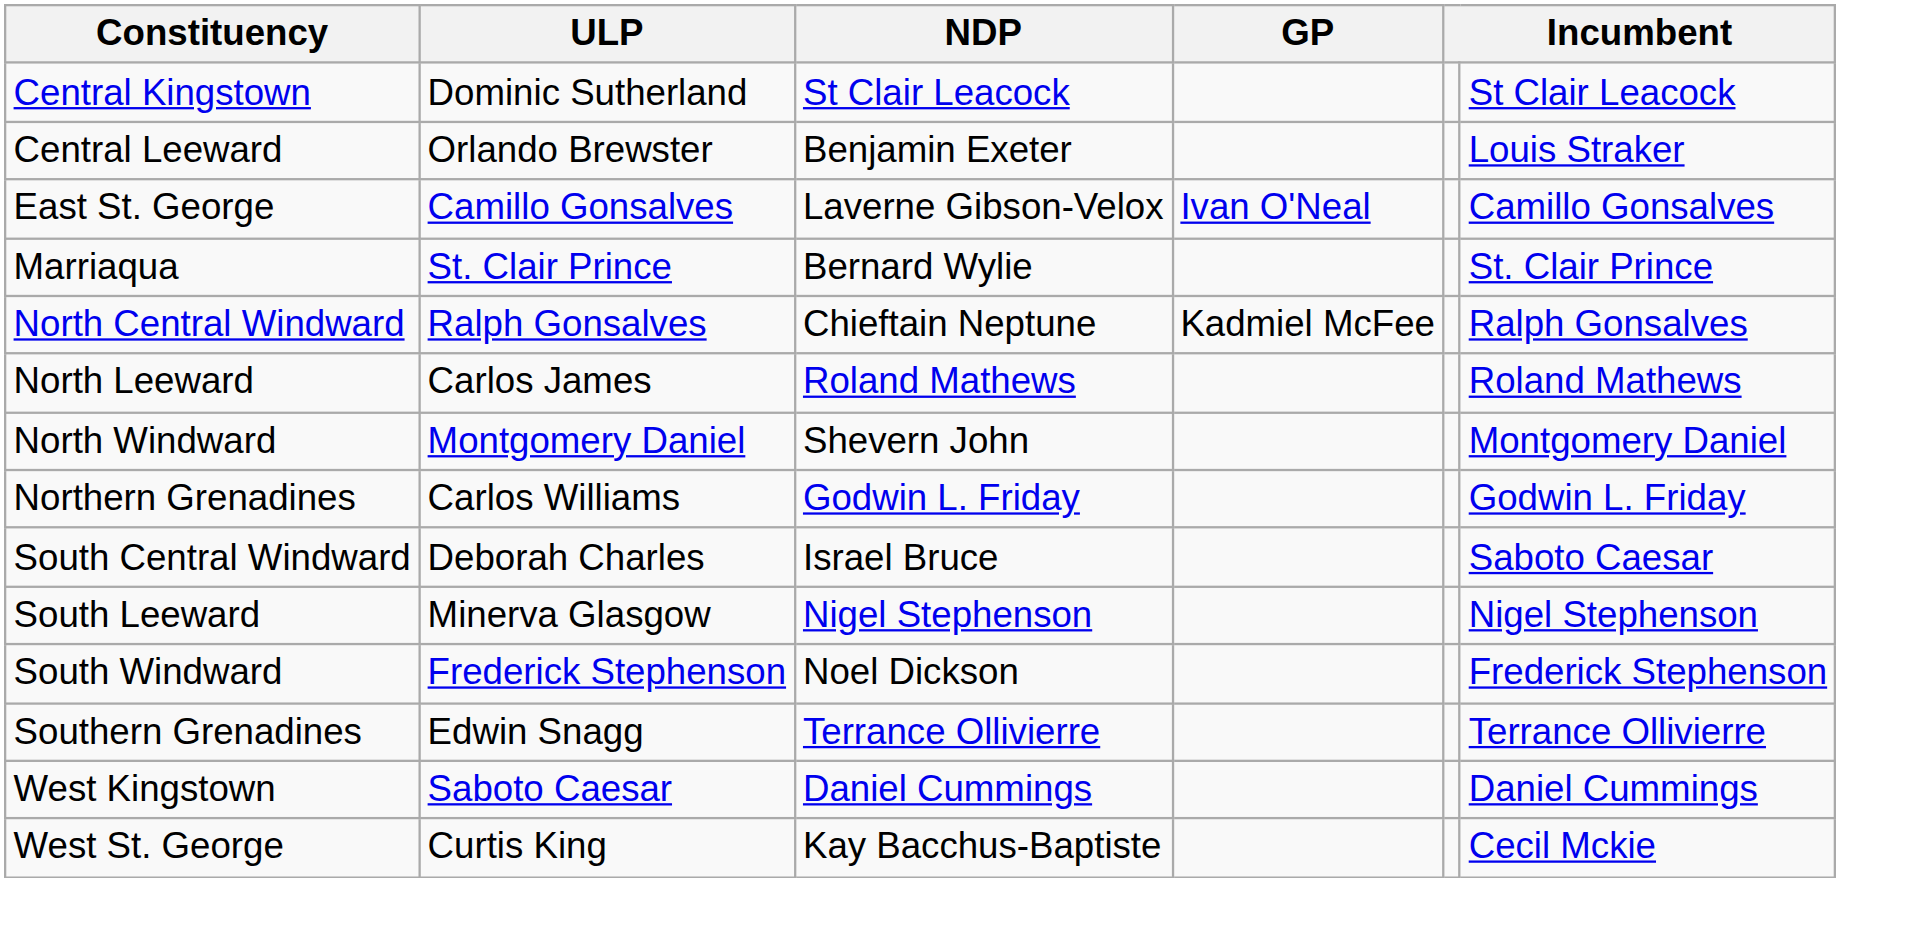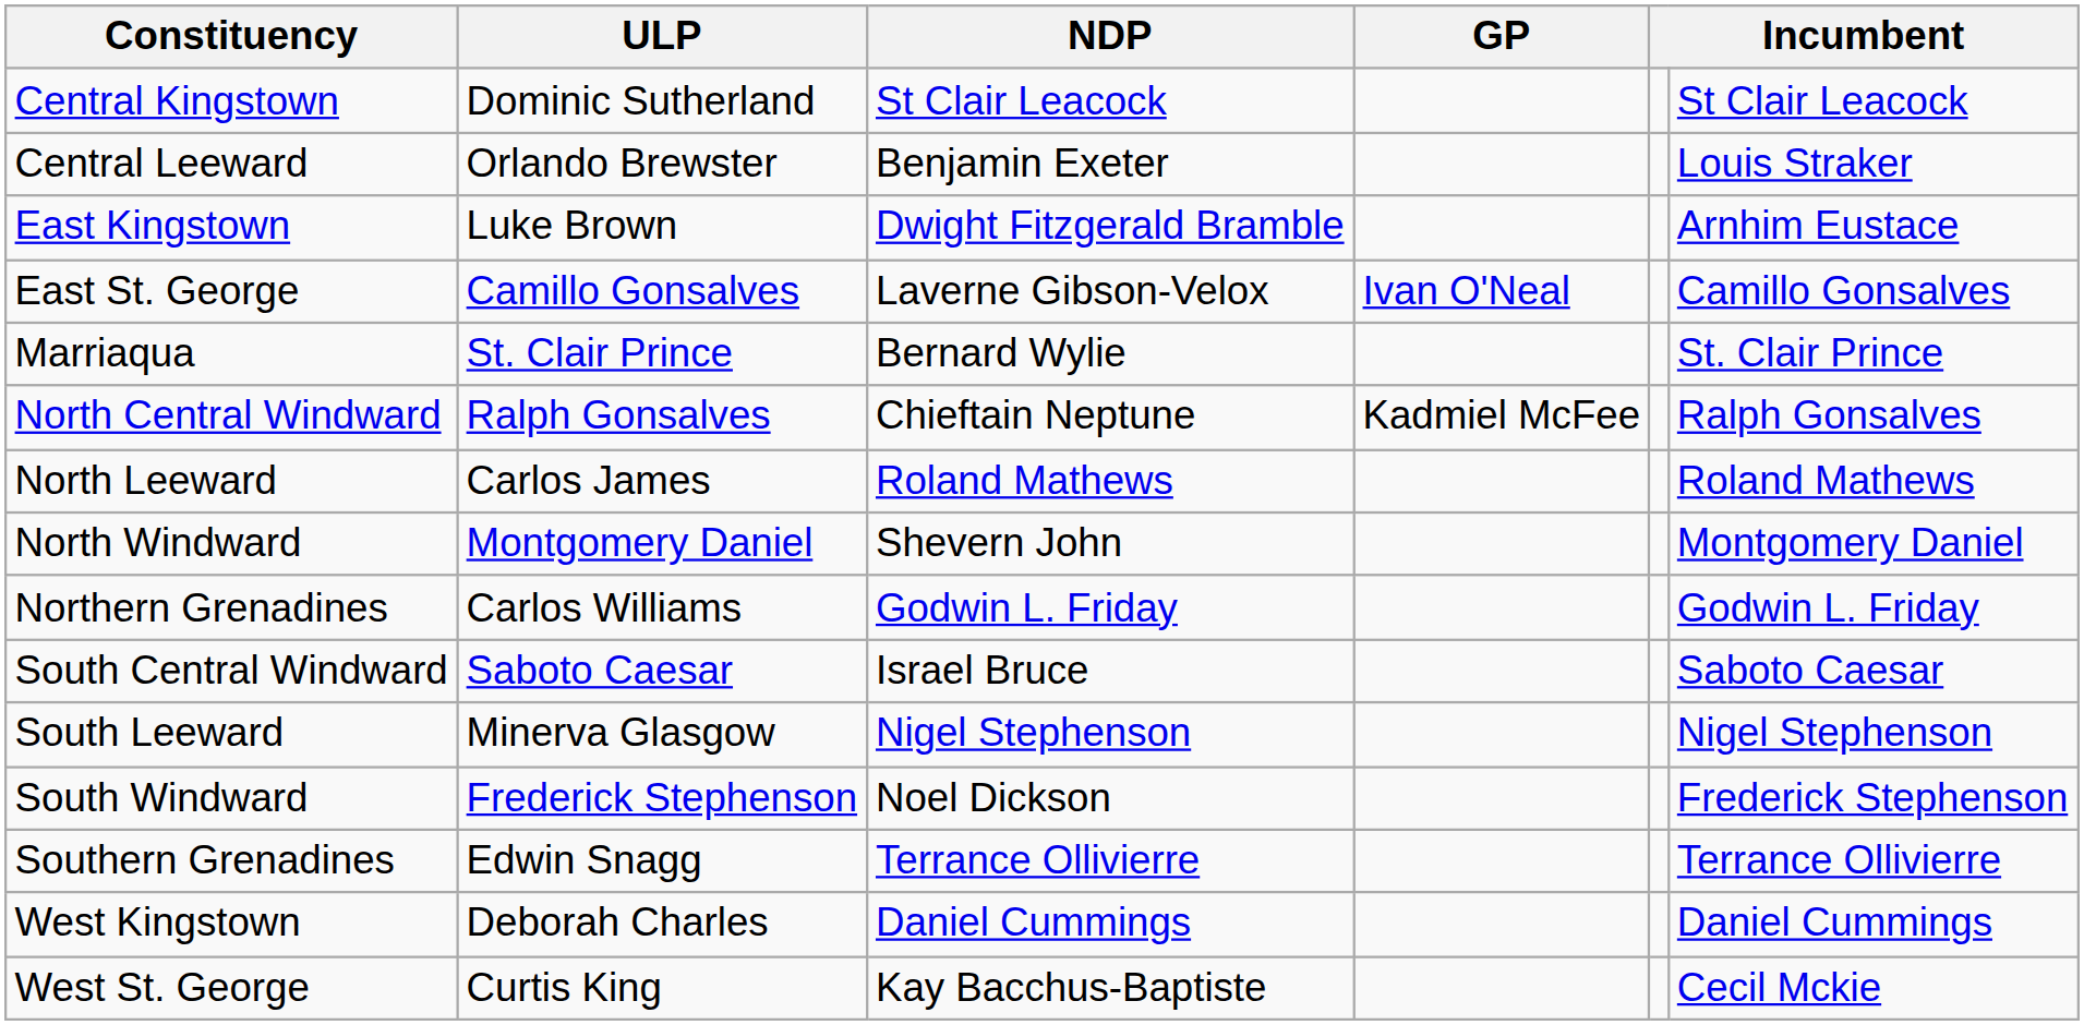 <table class="wikitable sortable">
 <tr>
 <th>Constituency</th>
 <th style="background: ">ULP </th>
 <th style="background: ">NDP </th>
 <th style="background: ">GP</th>
 <th colspan="2">Incumbent</th>
 </tr>
 <tr>
 <td><a href='#'>Central Kingstown</a></td>
 <td>Dominic Sutherland</td>
 <td><a href='#'>St Clair Leacock</a></td>
 <td></td>
 <td bgcolor=></td>
 <td><a href='#'>St Clair Leacock</a></td>
 </tr>
 <tr>
 <td>Central Leeward</td>
 <td>Orlando Brewster</td>
 <td>Benjamin Exeter</td>
 <td></td>
 <td bgcolor=></td>
 <td><a href='#'>Louis Straker</a></td>
+</tr>
+<tr>
+<td><a href='#'>East Kingstown</a></td>
+<td>Luke Brown</td>
+<td><a href='#'>Dwight Fitzgerald Bramble</a></td>
+<td></td>
+<td bgcolor=></td>
+<td><a href='#'>Arnhim Eustace</a></td>
 </tr>
 <tr>
 <td>East St. George</td>
 <td><a href='#'>Camillo Gonsalves</a></td>
 <td>Laverne Gibson-Velox</td>
 <td><a href='#'>Ivan O'Neal</a></td>
 <td bgcolor=></td>
 <td><a href='#'>Camillo Gonsalves</a></td>
 </tr>
 <tr>
 <td>Marriaqua</td>
 <td><a href='#'>St. Clair Prince</a></td>
 <td>Bernard Wylie</td>
 <td></td>
 <td bgcolor=></td>
 <td><a href='#'>St. Clair Prince</a></td>
 </tr>
 <tr>
 <td><a href='#'>North Central Windward</a></td>
 <td><a href='#'>Ralph Gonsalves</a></td>
 <td>Chieftain Neptune</td>
 <td>Kadmiel McFee</td>
 <td bgcolor=></td>
 <td><a href='#'>Ralph Gonsalves</a></td>
 </tr>
 <tr>
 <td>North Leeward</td>
 <td>Carlos James</td>
 <td><a href='#'>Roland Mathews</a></td>
 <td></td>
 <td bgcolor=></td>
 <td><a href='#'>Roland Mathews</a></td>
 </tr>
 <tr>
 <td>North Windward</td>
 <td><a href='#'>Montgomery Daniel</a></td>
 <td>Shevern John</td>
 <td></td>
 <td bgcolor=></td>
 <td><a href='#'>Montgomery Daniel</a></td>
 </tr>
 <tr>
 <td>Northern Grenadines</td>
 <td>Carlos Williams</td>
 <td><a href='#'>Godwin L. Friday</a></td>
 <td></td>
 <td bgcolor=></td>
 <td><a href='#'>Godwin L. Friday</a></td>
 </tr>
 <tr>
 <td>South Central Windward</td>
-<td>Deborah Charles</td>
+<td><a href='#'>Saboto Caesar</a></td>
 <td>Israel Bruce</td>
 <td></td>
 <td bgcolor=></td>
 <td><a href='#'>Saboto Caesar</a></td>
 </tr>
 <tr>
 <td>South Leeward</td>
 <td>Minerva Glasgow</td>
 <td><a href='#'>Nigel Stephenson</a></td>
 <td></td>
 <td bgcolor=></td>
 <td><a href='#'>Nigel Stephenson</a></td>
 </tr>
 <tr>
 <td>South Windward</td>
 <td><a href='#'>Frederick Stephenson</a></td>
 <td>Noel Dickson</td>
 <td></td>
 <td bgcolor=></td>
 <td><a href='#'>Frederick Stephenson</a></td>
 </tr>
 <tr>
 <td>Southern Grenadines</td>
 <td>Edwin Snagg</td>
 <td><a href='#'>Terrance Ollivierre</a></td>
 <td></td>
 <td bgcolor=></td>
 <td><a href='#'>Terrance Ollivierre</a></td>
 </tr>
 <tr>
 <td>West Kingstown</td>
-<td><a href='#'>Saboto Caesar</a></td>
+<td>Deborah Charles</td>
 <td><a href='#'>Daniel Cummings</a></td>
 <td></td>
 <td bgcolor=></td>
 <td><a href='#'>Daniel Cummings</a></td>
 </tr>
 <tr>
 <td>West St. George</td>
 <td>Curtis King</td>
 <td>Kay Bacchus-Baptiste</td>
 <td></td>
 <td bgcolor=></td>
 <td><a href='#'>Cecil Mckie</a></td>
 </tr>
 </table>
